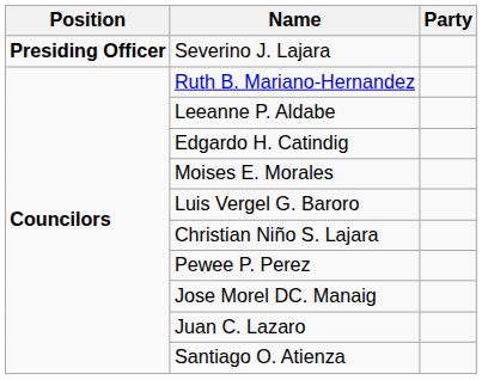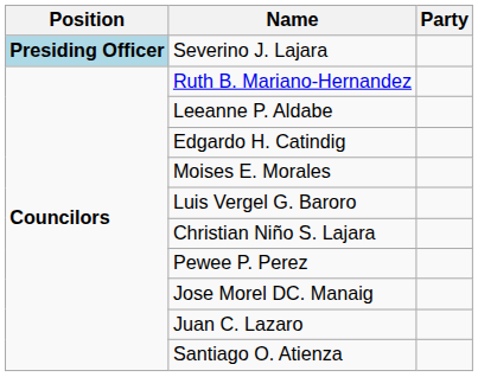 <table class=wikitable>
 <tr>
 <th>Position</th>
 <th>Name</th>
 <th colspan=2>Party</th>
 </tr>
 <tr>
-<td><strong>Presiding Officer</strong></td>
+<td style="background: lightblue;"><strong>Presiding Officer</strong></td>
 <td>Severino J. Lajara</td>
 <td></td>
 </tr>
 <tr>
 <td rowspan=10><strong>Councilors</strong></td>
 <td><a href='#'>Ruth B. Mariano-Hernandez</a></td>
 <td></td>
 </tr>
 <tr>
 <td>Leeanne P. Aldabe</td>
 <td></td>
 </tr>
 <tr>
 <td>Edgardo H. Catindig</td>
 <td></td>
 </tr>
 <tr>
 <td>Moises E. Morales</td>
 <td></td>
 </tr>
 <tr>
 <td>Luis Vergel G. Baroro</td>
 <td></td>
 </tr>
 <tr>
 <td>Christian Niño S. Lajara</td>
 <td></td>
 </tr>
 <tr>
 <td>Pewee P. Perez</td>
 <td></td>
 </tr>
 <tr>
 <td>Jose Morel DC. Manaig</td>
 <td></td>
 </tr>
 <tr>
 <td>Juan C. Lazaro</td>
 <td></td>
 </tr>
 <tr>
 <td>Santiago O. Atienza</td>
 <td></td>
 </tr>
 </table>
